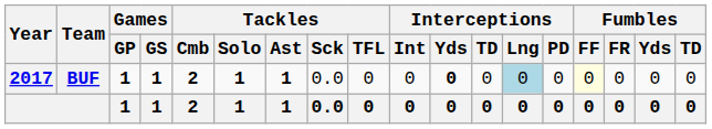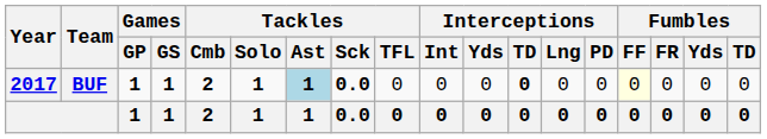 <table class="wikitable" style="text-align:center">
 <tr>
 <th rowspan="2">Year</th>
 <th rowspan="2">Team</th>
 <th colspan="2">Games</th>
 <th colspan="5">Tackles</th>
 <th colspan="5">Interceptions</th>
 <th colspan="4">Fumbles</th>
 </tr>
 <tr>
 <th>GP</th>
 <th>GS</th>
 <th>Cmb</th>
 <th>Solo</th>
 <th>Ast</th>
 <th>Sck</th>
 <th>TFL</th>
 <th>Int</th>
 <th>Yds</th>
 <th>TD</th>
 <th>Lng</th>
 <th>PD</th>
 <th>FF</th>
 <th>FR</th>
 <th>Yds</th>
 <th>TD</th>
 </tr>
 <tr>
 <th><a href='#'>2017</a></th>
 <th><a href='#'>BUF</a></th>
 <td><strong>1</strong></td>
 <td><strong>1</strong></td>
 <td><strong>2</strong></td>
 <td><strong>1</strong></td>
-<td><strong>1</strong></td>
-<td>0.0</td>
+<td style="background: lightblue;"><strong>1</strong></td>
+<td><strong>0.0</strong></td>
+<td>0</td>
 <td>0</td>
 <td>0</td>
 <td><strong>0</strong></td>
 <td>0</td>
-<td style="background: lightblue;">0</td>
 <td>0</td>
 <td style="background: lightyellow;">0</td>
 <td>0</td>
 <td>0</td>
 <td>0</td>
 </tr>
 <tr>
 <th colspan="2"></th>
 <th>1</th>
 <th>1</th>
 <th>2</th>
 <th>1</th>
 <th>1</th>
 <th>0.0</th>
 <th>0</th>
 <th>0</th>
 <th>0</th>
 <th>0</th>
 <th>0</th>
 <th>0</th>
 <th>0</th>
 <th>0</th>
 <th>0</th>
 <th>0</th>
 </tr>
 </table>
